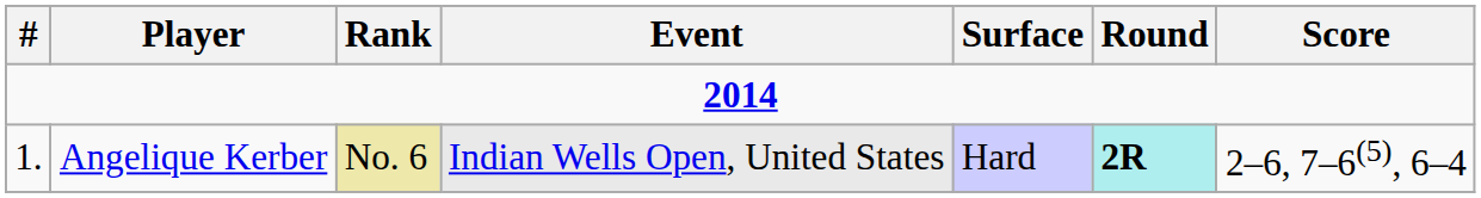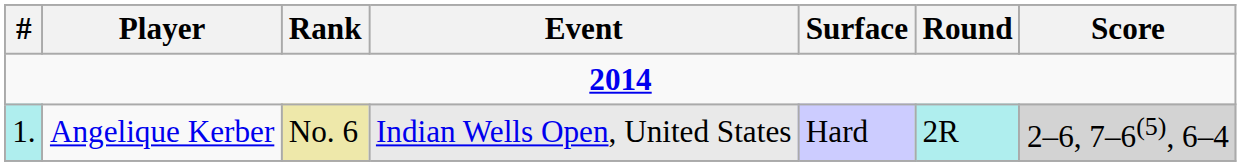 <table class="wikitable sortable">
 <tr>
 <th>#</th>
 <th>Player</th>
 <th>Rank</th>
 <th>Event</th>
 <th>Surface</th>
 <th>Round</th>
 <th>Score</th>
 </tr>
 <tr>
 <td colspan=7 style=text-align:center><strong><a href='#'>2014</a></strong></td>
 </tr>
 <tr>
-<td>1.</td>
+<td style="background: paleturquoise;">1.</td>
 <td> <a href='#'>Angelique Kerber</a></td>
 <td bgcolor=EEE8AA>No. 6</td>
 <td bgcolor=e9e9e9><a href='#'>Indian Wells Open</a>, United States</td>
 <td bgcolor=CCCCFF>Hard</td>
-<td bgcolor=afeeee><strong>2R</strong></td>
-<td>2–6, 7–6<sup>(5)</sup>, 6–4</td>
+<td bgcolor=afeeee>2R</td>
+<td style="background: lightgrey;">2–6, 7–6<sup>(5)</sup>, 6–4</td>
 </tr>
 </table>
